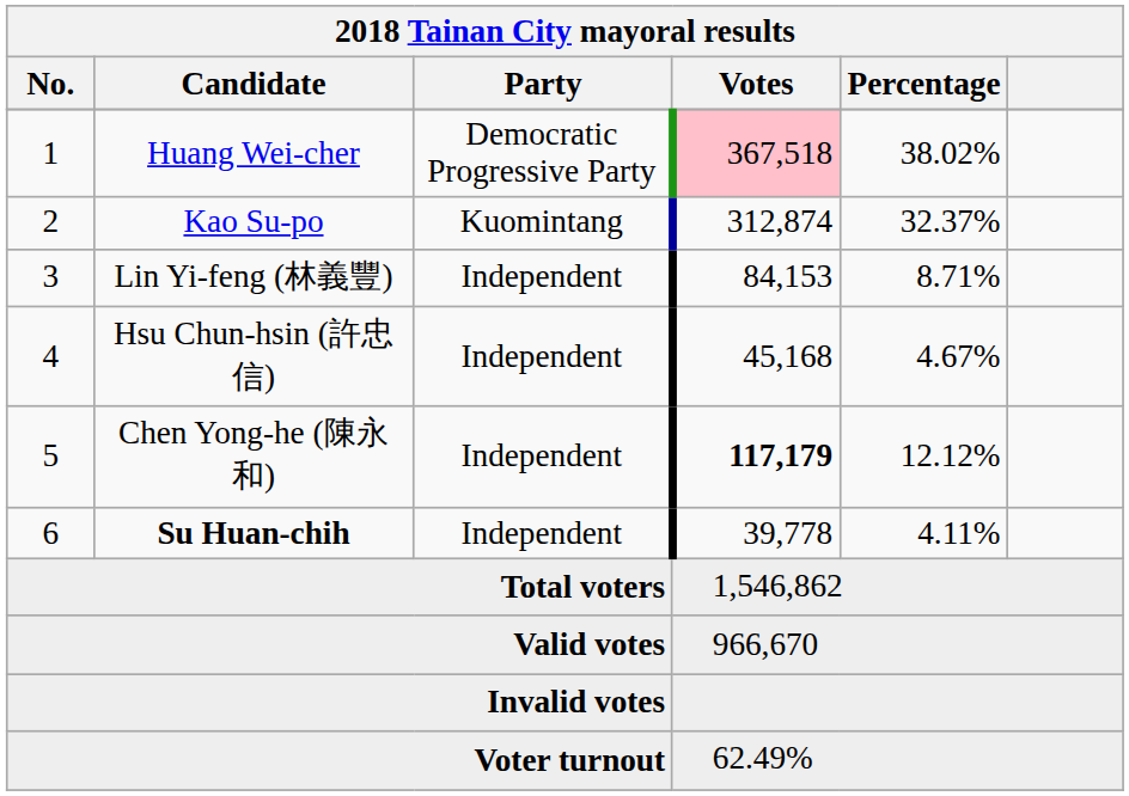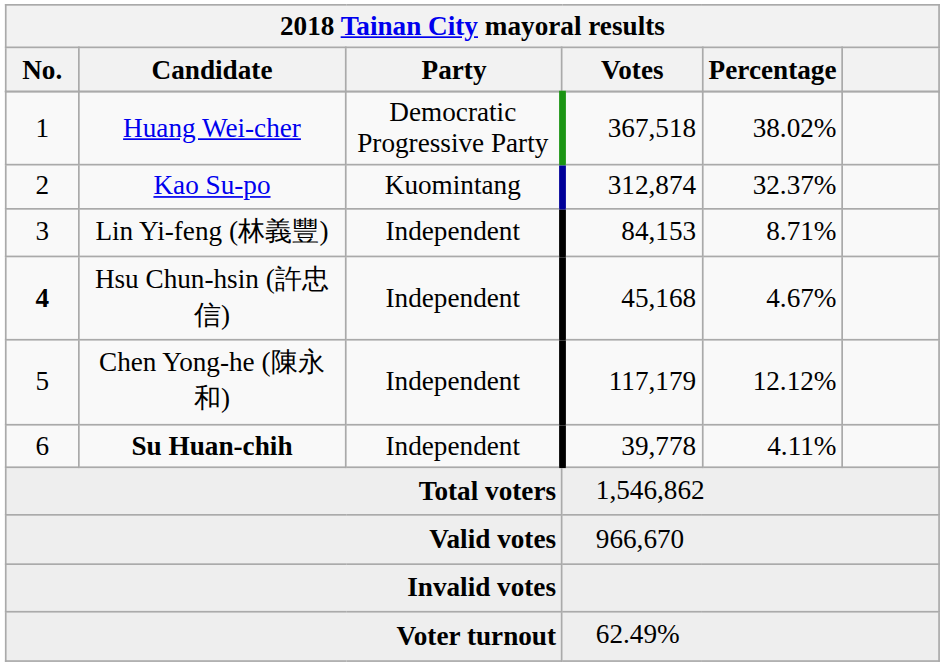 <table class="wikitable collapsible" style="margin:1em auto; text-align:center">
 <tr>
 <th colspan="6">2018 <a href='#'>Tainan City</a> mayoral results</th>
 </tr>
 <tr>
 <th width=35>No.</th>
 <th width=150>Candidate</th>
 <th width=120>Party</th>
 <th width=75>Votes</th>
 <th width=75>Percentage</th>
 <th width=49></th>
 </tr>
 <tr>
 </tr>
 <tr>
 <td>1</td>
 <td><a href='#'>Huang Wei-cher</a></td>
 <td>Democratic Progressive Party</td>
-<td style="background: pink; border-left:4px solid #1B9413;" align="right">367,518</td>
+<td style="border-left:4px solid #1B9413;" align="right">367,518</td>
 <td align="right">38.02%</td>
 <td align="center"></td>
 </tr>
 <tr>
 <td>2</td>
 <td><a href='#'>Kao Su-po</a></td>
 <td> Kuomintang</td>
 <td style="border-left:4px solid #000099;" align="right">312,874</td>
 <td align="right">32.37%</td>
 <td align="center"></td>
 </tr>
 <tr>
 <td>3</td>
 <td>Lin Yi-feng (林義豐)</td>
 <td> Independent</td>
 <td style="border-left:4px solid #000000;" align="right">84,153</td>
 <td align="right">8.71%</td>
 <td align="center"></td>
 </tr>
 <tr>
-<td>4</td>
+<td><strong>4</strong></td>
 <td>Hsu Chun-hsin (許忠信)</td>
 <td> Independent</td>
 <td style="border-left:4px solid #000000;" align="right">45,168</td>
 <td align="right">4.67%</td>
 <td align="center"></td>
 </tr>
 <tr>
 <td>5</td>
 <td>Chen Yong-he (陳永和)</td>
 <td> Independent</td>
-<td style="border-left:4px solid #000000;" align="right"><strong>117,179</strong></td>
+<td style="border-left:4px solid #000000;" align="right">117,179</td>
 <td align="right">12.12%</td>
 <td align="center"></td>
 </tr>
 <tr>
 <td>6</td>
 <td><strong>Su Huan-chih</strong></td>
 <td> Independent</td>
 <td style="border-left:4px solid #000000;" align="right">39,778</td>
 <td align="right">4.11%</td>
 <td align="center"></td>
 </tr>
 <tr bgcolor=EEEEEE>
 <td colspan="3" align="right"><strong>Total voters</strong></td>
 <td colspan="3" align="left">　1,546,862</td>
 </tr>
 <tr bgcolor=EEEEEE>
 <td colspan="3" align="right"><strong>Valid votes</strong></td>
 <td colspan="3" align="left">　966,670</td>
 </tr>
 <tr bgcolor=EEEEEE>
 <td colspan="3" align="right"><strong>Invalid votes</strong></td>
 <td colspan="3" align="left">　</td>
 </tr>
 <tr bgcolor=EEEEEE>
 <td colspan="3" align="right"><strong>Voter turnout</strong></td>
 <td colspan="3" align="left">　62.49%</td>
 </tr>
 </table>
